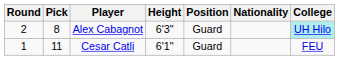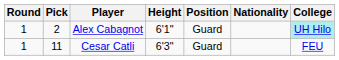 <table class="wikitable sortable sortable">
 <tr>
 <th>Round</th>
 <th>Pick</th>
 <th>Player</th>
 <th>Height</th>
 <th>Position</th>
 <th>Nationality</th>
 <th>College</th>
 </tr>
 <tr style="text-align: center">
+<td>1</td>
 <td>2</td>
-<td>8</td>
 <td><a href='#'>Alex Cabagnot</a></td>
-<td>6'3"</td>
+<td>6'1"</td>
 <td>Guard</td>
 <td></td>
 <td style="background: paleturquoise;"><a href='#'>UH Hilo</a></td>
 </tr>
 <tr style="text-align: center">
 <td>1</td>
 <td>11</td>
 <td><a href='#'>Cesar Catli</a></td>
-<td>6'1"</td>
+<td>6'3"</td>
 <td>Guard</td>
 <td></td>
 <td><a href='#'>FEU</a></td>
 </tr>
 </table>
